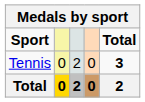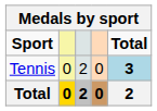 <table class="wikitable" style="font-size:95%; float: right;">
 <tr style="background:#efefef;">
 <th colspan=5>Medals by sport</th>
 </tr>
 <tr align=center>
 <td><strong>Sport</strong></td>
 <td bgcolor=#f7f6a8></td>
 <td bgcolor=#dce5e5></td>
 <td bgcolor=#ffdab9></td>
 <td><strong>Total</strong></td>
 </tr>
 <tr align=center>
 <td><a href='#'>Tennis</a></td>
 <td style="background:#F7F6A8;">0</td>
 <td style="background:#DCE5E5;">2</td>
 <td style="background:#FFDAB9;">0</td>
-<td><strong>3</strong></td>
+<td style="background: lightblue;"><strong>3</strong></td>
 </tr>
 <tr align=center>
 <th>Total</th>
 <th style="background:gold;">0</th>
 <th style="background:silver;">2</th>
 <th style="background:#c96;">0</th>
 <th>2</th>
 </tr>
 </table>
